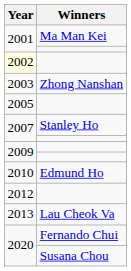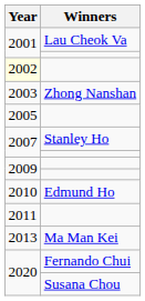 <table class="wikitable">
 <tr>
 <th>Year</th>
 <th>Winners</th>
 </tr>
 <tr>
 <td rowspan="2">2001</td>
-<td><a href='#'>Ma Man Kei</a></td>
+<td><a href='#'>Lau Cheok Va</a></td>
 </tr>
 <tr>
 <td></td>
 </tr>
 <tr>
 <td style="background: lightyellow;">2002</td>
 <td></td>
 </tr>
 <tr>
 <td>2003</td>
 <td><a href='#'>Zhong Nanshan</a></td>
 </tr>
 <tr>
 <td>2005</td>
 <td></td>
 </tr>
 <tr>
 <td rowspan="2">2007</td>
 <td><a href='#'>Stanley Ho</a></td>
 </tr>
 <tr>
 <td></td>
 </tr>
 <tr>
 <td rowspan="2">2009</td>
 <td></td>
 </tr>
 <tr>
 <td></td>
 </tr>
 <tr>
 <td>2010 </td>
 <td><a href='#'>Edmund Ho</a></td>
 </tr>
 <tr>
-<td>2012</td>
+<td>2011</td>
 <td></td>
 </tr>
 <tr>
 <td>2013</td>
-<td><a href='#'>Lau Cheok Va</a></td>
+<td><a href='#'>Ma Man Kei</a></td>
 </tr>
 <tr>
 <td rowspan="2">2020</td>
 <td><a href='#'>Fernando Chui</a></td>
 </tr>
 <tr>
 <td><a href='#'>Susana Chou</a></td>
 </tr>
 </table>
